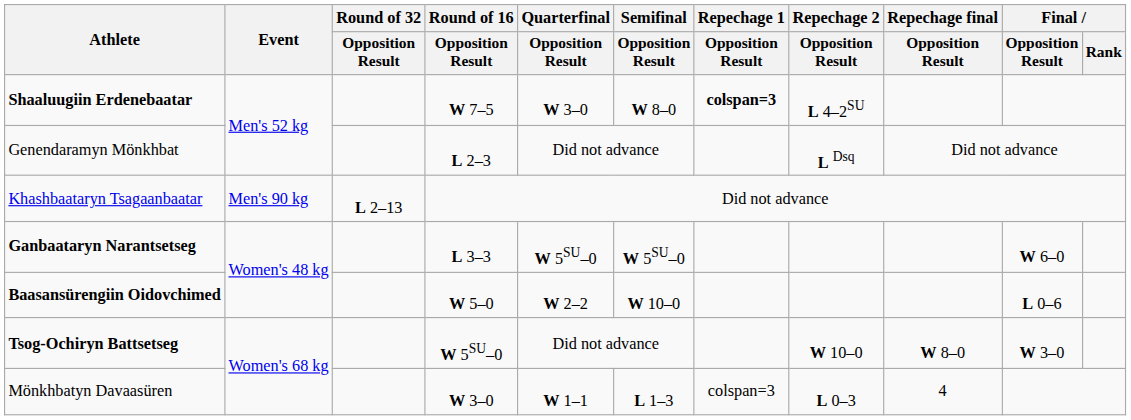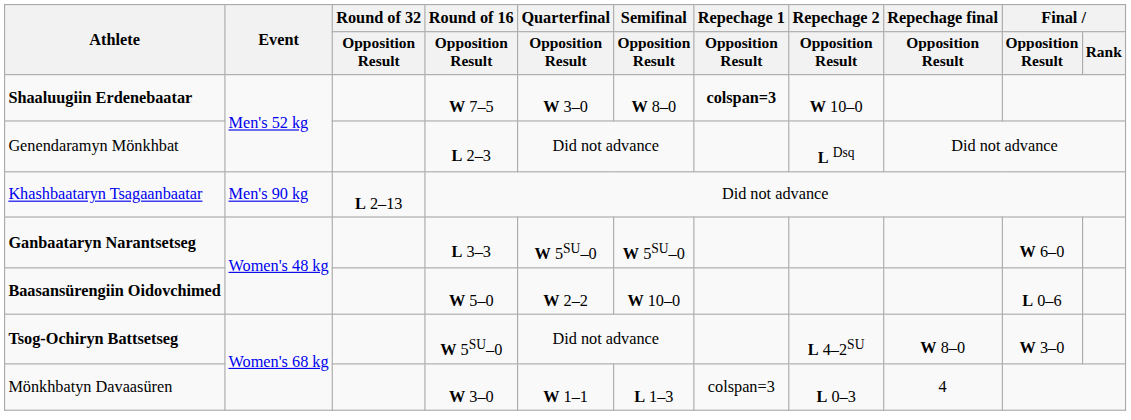 <table class=wikitable style=font-size:90%;text-align:center>
 <tr>
 <th rowspan="2">Athlete</th>
 <th rowspan="2">Event</th>
 <th>Round of 32</th>
 <th>Round of 16</th>
 <th>Quarterfinal</th>
 <th>Semifinal</th>
 <th>Repechage 1</th>
 <th>Repechage 2</th>
 <th>Repechage final</th>
 <th colspan=2>Final / </th>
 </tr>
 <tr style="font-size: 95%">
 <th>Opposition<br>Result</th>
 <th>Opposition<br>Result</th>
 <th>Opposition<br>Result</th>
 <th>Opposition<br>Result</th>
 <th>Opposition<br>Result</th>
 <th>Opposition<br>Result</th>
 <th>Opposition<br>Result</th>
 <th>Opposition<br>Result</th>
 <th>Rank</th>
 </tr>
 <tr>
 <td align=left><strong>Shaaluugiin Erdenebaatar</strong></td>
 <td align=left rowspan=2><a href='#'>Men's 52 kg</a></td>
 <td></td>
 <td><br><strong>W</strong> 7–5</td>
 <td><br><strong>W</strong> 3–0</td>
 <td><br><strong>W</strong> 8–0</td>
 <td><strong>colspan=3 </strong></td>
-<td><br><strong>L</strong> 4–2<sup>SU</sup></td>
+<td><br><strong>W</strong> 10–0</td>
 <td></td>
 </tr>
 <tr>
 <td align=left>Genendaramyn Mönkhbat</td>
 <td></td>
 <td><br><strong>L</strong> 2–3</td>
 <td colspan=2>Did not advance</td>
 <td></td>
 <td><br><strong>L</strong> <sup>Dsq</sup></td>
 <td colspan=3>Did not advance</td>
 </tr>
 <tr>
 <td align=left><a href='#'>Khashbaataryn Tsagaanbaatar</a></td>
 <td align=left><a href='#'>Men's 90 kg</a></td>
 <td><br><strong>L</strong> 2–13</td>
 <td colspan=8>Did not advance</td>
 </tr>
 <tr>
 <td align=left><strong>Ganbaataryn Narantsetseg</strong></td>
 <td align=left rowspan=2><a href='#'>Women's 48 kg</a></td>
 <td></td>
 <td><br><strong>L</strong> 3–3</td>
 <td><br><strong>W</strong> 5<sup>SU</sup>–0</td>
 <td><br><strong>W</strong> 5<sup>SU</sup>–0</td>
 <td></td>
 <td></td>
 <td></td>
 <td><br><strong>W</strong> 6–0</td>
 <td></td>
 </tr>
 <tr>
 <td align=left><strong>Baasansürengiin Oidovchimed</strong></td>
 <td></td>
 <td><br><strong>W</strong> 5–0</td>
 <td><br><strong>W</strong> 2–2</td>
 <td><br><strong>W</strong> 10–0</td>
 <td></td>
 <td></td>
 <td></td>
 <td><br><strong>L</strong> 0–6</td>
 <td></td>
 </tr>
 <tr>
 <td align=left><strong>Tsog-Ochiryn Battsetseg</strong></td>
 <td align=left rowspan=2><a href='#'>Women's 68 kg</a></td>
 <td></td>
 <td><br><strong>W</strong> 5<sup>SU</sup>–0</td>
 <td colspan=2>Did not advance</td>
 <td></td>
-<td><br><strong>W</strong> 10–0</td>
+<td><br><strong>L</strong> 4–2<sup>SU</sup></td>
 <td><br><strong>W</strong> 8–0</td>
 <td><br><strong>W</strong> 3–0</td>
 <td></td>
 </tr>
 <tr>
 <td align=left>Mönkhbatyn Davaasüren</td>
 <td></td>
 <td><br><strong>W</strong> 3–0</td>
 <td><br><strong>W</strong> 1–1</td>
 <td><br><strong>L</strong> 1–3</td>
 <td>colspan=3 </td>
 <td><br><strong>L</strong> 0–3</td>
 <td>4</td>
 </tr>
 </table>
